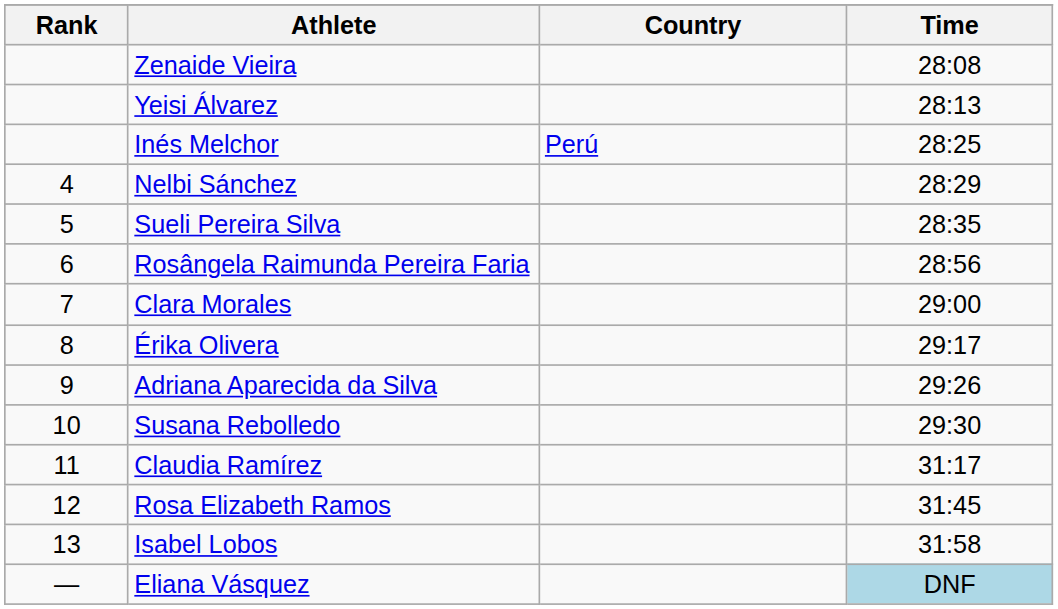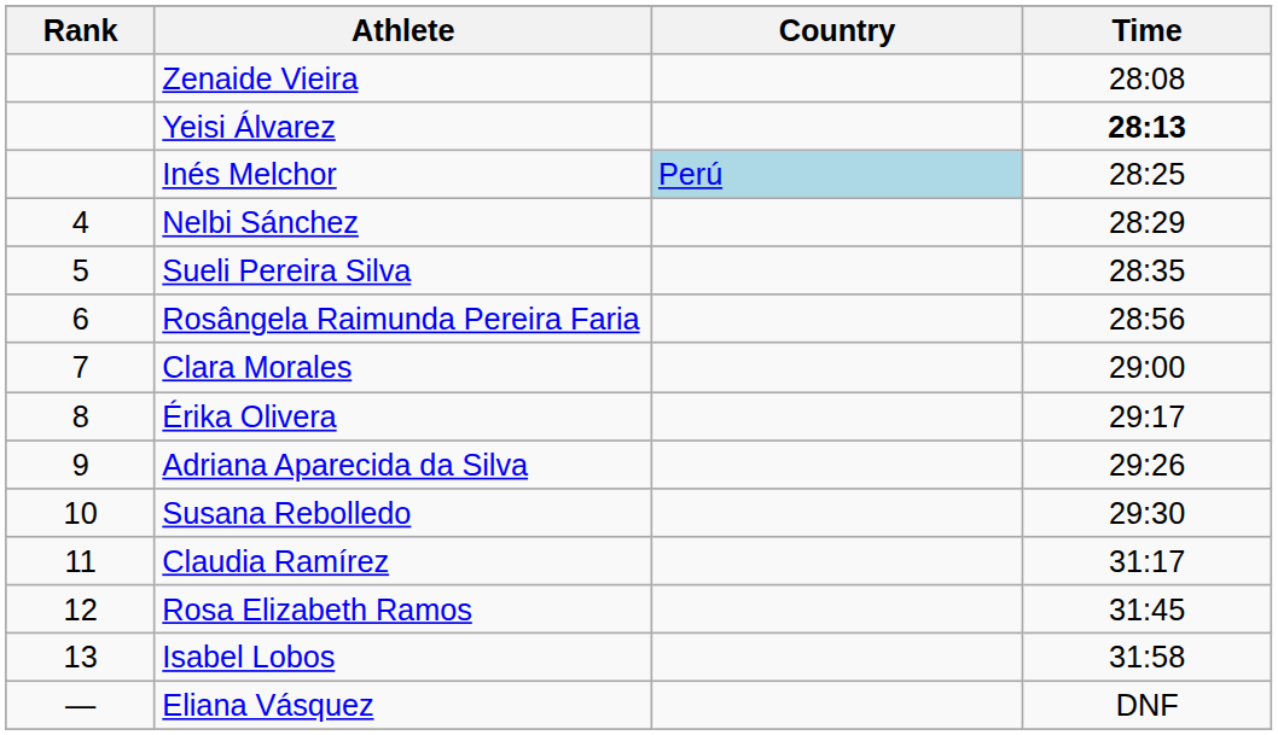 <table class="wikitable sortable" style=" text-align:center; font-size:95%;" width="50%">
 <tr>
 </tr>
 <tr>
 <th width=5%>Rank</th>
 <th width=20%>Athlete</th>
 <th width=15%>Country</th>
 <th width=10%>Time</th>
 </tr>
 <tr>
 <td align=center></td>
 <td align=left><a href='#'>Zenaide Vieira</a></td>
 <td align=left></td>
 <td>28:08</td>
 </tr>
 <tr>
 <td align=center></td>
 <td align=left><a href='#'>Yeisi Álvarez</a></td>
 <td align=left></td>
-<td>28:13</td>
+<td><strong>28:13</strong></td>
 </tr>
 <tr>
 <td align=center></td>
 <td align=left><a href='#'>Inés Melchor</a></td>
-<td align=left> <a href='#'>Perú</a></td>
+<td align=left style="background: lightblue;"> <a href='#'>Perú</a></td>
 <td>28:25</td>
 </tr>
 <tr>
 <td align=center>4</td>
 <td align=left><a href='#'>Nelbi Sánchez</a></td>
 <td align=left></td>
 <td>28:29</td>
 </tr>
 <tr>
 <td align=center>5</td>
 <td align=left><a href='#'>Sueli Pereira Silva</a></td>
 <td align=left></td>
 <td>28:35</td>
 </tr>
 <tr>
 <td align=center>6</td>
 <td align=left><a href='#'>Rosângela Raimunda Pereira Faria</a></td>
 <td align=left></td>
 <td>28:56</td>
 </tr>
 <tr>
 <td align=center>7</td>
 <td align=left><a href='#'>Clara Morales</a></td>
 <td align=left></td>
 <td>29:00</td>
 </tr>
 <tr>
 <td align=center>8</td>
 <td align=left><a href='#'>Érika Olivera</a></td>
 <td align=left></td>
 <td>29:17</td>
 </tr>
 <tr>
 <td align=center>9</td>
 <td align=left><a href='#'>Adriana Aparecida da Silva</a></td>
 <td align=left></td>
 <td>29:26</td>
 </tr>
 <tr>
 <td align=center>10</td>
 <td align=left><a href='#'>Susana Rebolledo</a></td>
 <td align=left></td>
 <td>29:30</td>
 </tr>
 <tr>
 <td align=center>11</td>
 <td align=left><a href='#'>Claudia Ramírez</a></td>
 <td align=left></td>
 <td>31:17</td>
 </tr>
 <tr>
 <td align=center>12</td>
 <td align=left><a href='#'>Rosa Elizabeth Ramos</a></td>
 <td align=left></td>
 <td>31:45</td>
 </tr>
 <tr>
 <td align=center>13</td>
 <td align=left><a href='#'>Isabel Lobos</a></td>
 <td align=left></td>
 <td>31:58</td>
 </tr>
 <tr>
 <td align=center>—</td>
 <td align=left><a href='#'>Eliana Vásquez</a></td>
 <td align=left></td>
-<td style="background: lightblue;">DNF</td>
+<td>DNF</td>
 </tr>
 </table>
